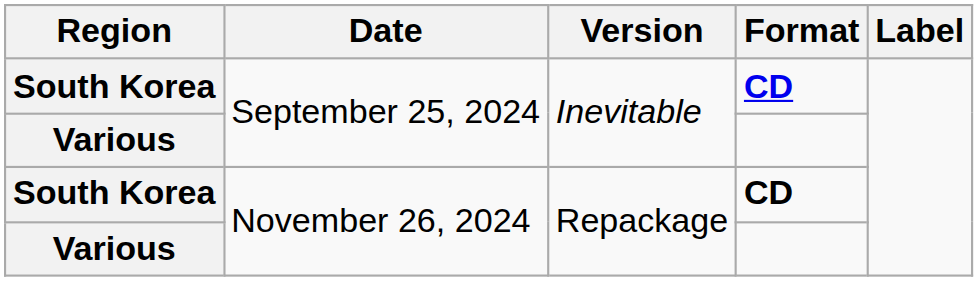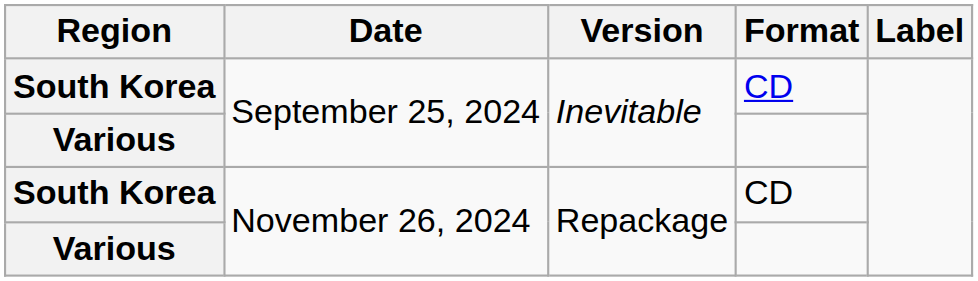 <table class="wikitable plainrowheaders">
 <tr>
 <th scope="col">Region</th>
 <th scope="col">Date</th>
 <th scope="col">Version</th>
 <th scope="col">Format</th>
 <th scope="col">Label</th>
 </tr>
 <tr>
 <th scope="row">South Korea</th>
 <td rowspan="2">September 25, 2024</td>
 <td rowspan="2"><em>Inevitable</em></td>
-<td><strong><a href='#'>CD</a></strong></td>
+<td><a href='#'>CD</a></td>
 <td rowspan="4"></td>
 </tr>
 <tr>
 <th scope="row">Various </th>
 <td></td>
 </tr>
 <tr>
 <th scope="row">South Korea</th>
 <td rowspan="2">November 26, 2024</td>
 <td rowspan="2">Repackage</td>
-<td><strong>CD</strong></td>
+<td>CD</td>
 </tr>
 <tr>
 <th scope="row">Various </th>
 <td></td>
 </tr>
 </table>
